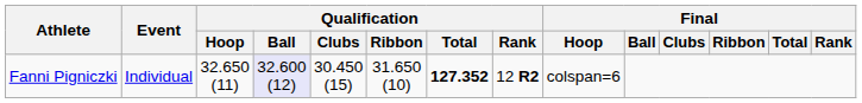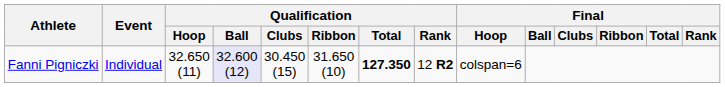 <table class=wikitable style="font-size:90%">
 <tr>
 <th rowspan=2>Athlete</th>
 <th rowspan=2>Event</th>
 <th colspan=6>Qualification</th>
 <th colspan=6>Final</th>
 </tr>
 <tr style="font-size:95%">
 <th>Hoop</th>
 <th>Ball</th>
 <th>Clubs</th>
 <th>Ribbon</th>
 <th>Total</th>
 <th>Rank</th>
 <th>Hoop</th>
 <th>Ball</th>
 <th>Clubs</th>
 <th>Ribbon</th>
 <th>Total</th>
 <th>Rank</th>
 </tr>
 <tr align=center>
 <td align=left><a href='#'>Fanni Pigniczki</a></td>
 <td align=left><a href='#'>Individual</a></td>
 <td>32.650<br>(11)</td>
 <td style="background: lavender;">32.600<br>(12)</td>
 <td>30.450<br>(15)</td>
 <td>31.650<br>(10)</td>
-<td><strong>127.352</strong></td>
+<td><strong>127.350</strong></td>
 <td>12 <strong>R2</strong></td>
 <td>colspan=6 </td>
 </tr>
 </table>
